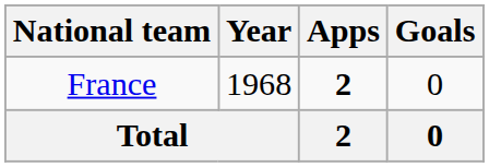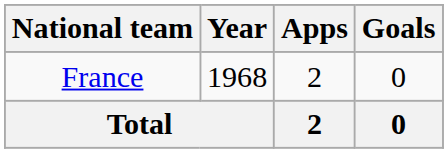 <table class="wikitable" style="text-align:center">
 <tr>
 <th>National team</th>
 <th>Year</th>
 <th>Apps</th>
 <th>Goals</th>
 </tr>
 <tr>
 <td><a href='#'>France</a></td>
 <td>1968</td>
-<td><strong>2</strong></td>
+<td>2</td>
 <td>0</td>
 </tr>
 <tr>
 <th colspan="2">Total</th>
 <th>2</th>
 <th>0</th>
 </tr>
 </table>
